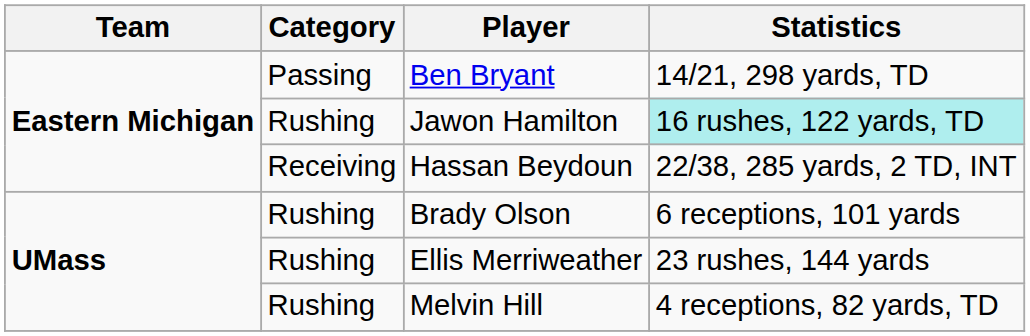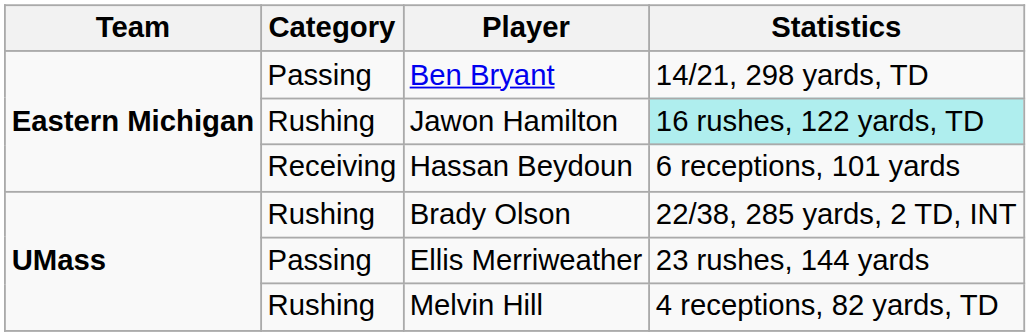 <table class="wikitable" style="float: left;">
 <tr>
 <th>Team</th>
 <th>Category</th>
 <th>Player</th>
 <th>Statistics</th>
 </tr>
 <tr>
 <td rowspan=3><strong>Eastern Michigan</strong></td>
 <td>Passing</td>
 <td><a href='#'>Ben Bryant</a></td>
 <td>14/21, 298 yards, TD</td>
 </tr>
 <tr>
 <td>Rushing</td>
 <td>Jawon Hamilton</td>
 <td style="background: paleturquoise;">16 rushes, 122 yards, TD</td>
 </tr>
 <tr>
 <td>Receiving</td>
 <td>Hassan Beydoun</td>
-<td>22/38, 285 yards, 2 TD, INT</td>
+<td>6 receptions, 101 yards</td>
 </tr>
 <tr>
 <td rowspan=3><strong>UMass</strong></td>
 <td>Rushing</td>
 <td>Brady Olson</td>
-<td>6 receptions, 101 yards</td>
+<td>22/38, 285 yards, 2 TD, INT</td>
 </tr>
 <tr>
-<td>Rushing</td>
+<td>Passing</td>
 <td>Ellis Merriweather</td>
 <td>23 rushes, 144 yards</td>
 </tr>
 <tr>
 <td>Rushing</td>
 <td>Melvin Hill</td>
 <td>4 receptions, 82 yards, TD</td>
 </tr>
 </table>
